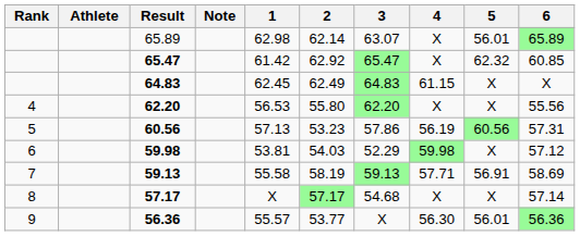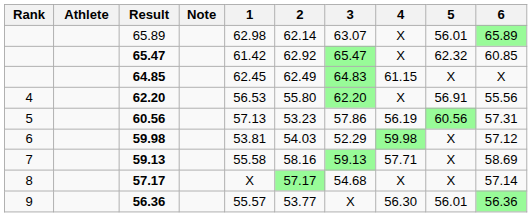 <table class="wikitable" width=65% style="font-size:90%; text-align:center;">
 <tr>
 <th>Rank</th>
 <th>Athlete</th>
 <th>Result</th>
 <th>Note</th>
 <th>1</th>
 <th>2</th>
 <th>3</th>
 <th>4</th>
 <th>5</th>
 <th>6</th>
 </tr>
 <tr>
 <td></td>
 <td align=left></td>
 <td>65.89</td>
 <td></td>
 <td>62.98</td>
 <td>62.14</td>
 <td>63.07</td>
 <td>X</td>
 <td>56.01</td>
 <td bgcolor=palegreen>65.89</td>
 </tr>
 <tr>
 <td></td>
 <td align=left></td>
 <td><strong>65.47</strong></td>
 <td></td>
 <td>61.42</td>
 <td>62.92</td>
 <td bgcolor=palegreen>65.47</td>
 <td>X</td>
 <td>62.32</td>
 <td>60.85</td>
 </tr>
 <tr>
 <td></td>
 <td align=left></td>
-<td><strong>64.83</strong></td>
+<td><strong>64.85</strong></td>
 <td></td>
 <td>62.45</td>
 <td>62.49</td>
 <td bgcolor=palegreen>64.83</td>
 <td>61.15</td>
 <td>X</td>
 <td>X</td>
 </tr>
 <tr>
 <td>4</td>
 <td align=left></td>
 <td><strong>62.20</strong></td>
 <td></td>
 <td>56.53</td>
 <td>55.80</td>
 <td bgcolor=palegreen>62.20</td>
 <td>X</td>
-<td>X</td>
+<td>56.91</td>
 <td>55.56</td>
 </tr>
 <tr>
 <td>5</td>
 <td align=left></td>
 <td><strong>60.56</strong></td>
 <td></td>
 <td>57.13</td>
 <td>53.23</td>
 <td>57.86</td>
 <td>56.19</td>
 <td bgcolor=palegreen>60.56</td>
 <td>57.31</td>
 </tr>
 <tr>
 <td>6</td>
 <td align=left></td>
 <td><strong>59.98</strong></td>
 <td></td>
 <td>53.81</td>
 <td>54.03</td>
 <td>52.29</td>
 <td bgcolor=palegreen>59.98</td>
 <td>X</td>
 <td>57.12</td>
 </tr>
 <tr>
 <td>7</td>
 <td align=left></td>
 <td><strong>59.13</strong></td>
 <td></td>
 <td>55.58</td>
-<td>58.19</td>
+<td>58.16</td>
 <td bgcolor=palegreen>59.13</td>
 <td>57.71</td>
-<td>56.91</td>
+<td>X</td>
 <td>58.69</td>
 </tr>
 <tr>
 <td>8</td>
 <td align=left></td>
 <td><strong>57.17</strong></td>
 <td></td>
 <td>X</td>
 <td bgcolor=palegreen>57.17</td>
 <td>54.68</td>
 <td>X</td>
 <td>X</td>
 <td>57.14</td>
 </tr>
 <tr>
 <td>9</td>
 <td align=left></td>
 <td><strong>56.36</strong></td>
 <td></td>
 <td>55.57</td>
 <td>53.77</td>
 <td>X</td>
 <td>56.30</td>
 <td>56.01</td>
 <td bgcolor=palegreen>56.36</td>
 </tr>
 </table>
